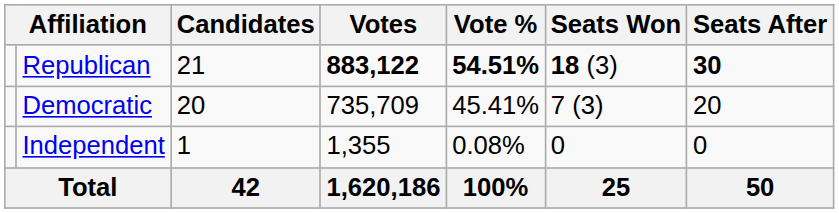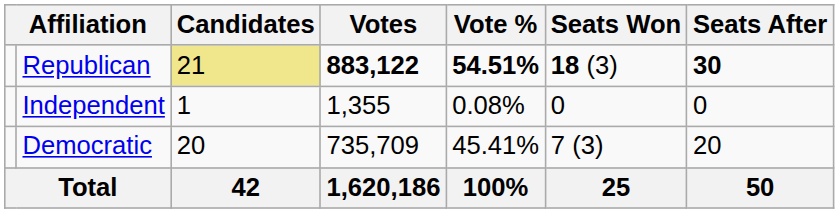 <table class="wikitable">
 <tr>
 <th colspan="2">Affiliation</th>
 <th>Candidates</th>
 <th>Votes</th>
 <th>Vote %</th>
 <th>Seats Won</th>
 <th>Seats After</th>
 </tr>
 <tr>
 <td style="background-color:"></td>
 <td><a href='#'>Republican</a></td>
-<td>21</td>
+<td style="background: khaki;">21</td>
 <td><strong>883,122</strong></td>
 <td><strong>54.51%</strong></td>
 <td><strong>18</strong> (3)</td>
 <td><strong>30</strong></td>
+</tr>
+<tr>
+<td style="background-color:"></td>
+<td><a href='#'>Independent</a></td>
+<td>1</td>
+<td>1,355</td>
+<td>0.08%</td>
+<td>0</td>
+<td>0</td>
 </tr>
 <tr>
 <td style="background-color:"></td>
 <td><a href='#'>Democratic</a></td>
 <td>20</td>
 <td>735,709</td>
 <td>45.41%</td>
 <td>7 (3)</td>
 <td>20</td>
 </tr>
 <tr>
-<td style="background-color:"></td>
-<td><a href='#'>Independent</a></td>
-<td>1</td>
-<td>1,355</td>
-<td>0.08%</td>
-<td>0</td>
-<td>0</td>
-</tr>
-<tr>
 <th colspan="2">Total</th>
 <th>42</th>
 <th>1,620,186</th>
 <th>100%</th>
 <th>25</th>
 <th>50</th>
 </tr>
 </table>
